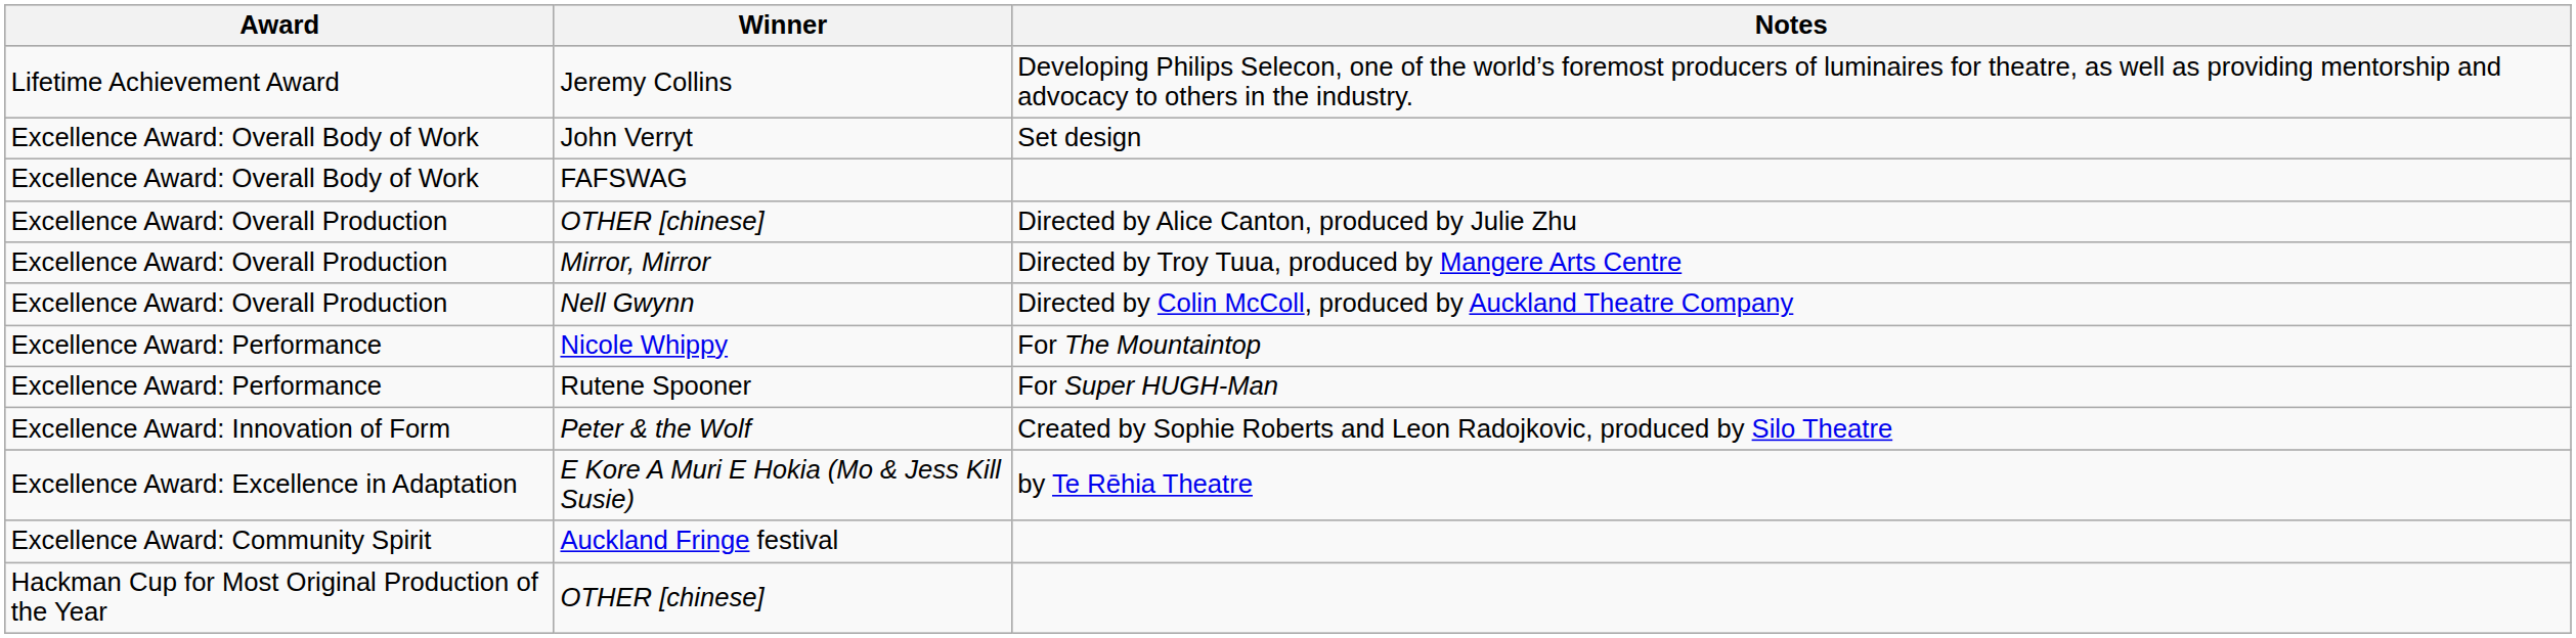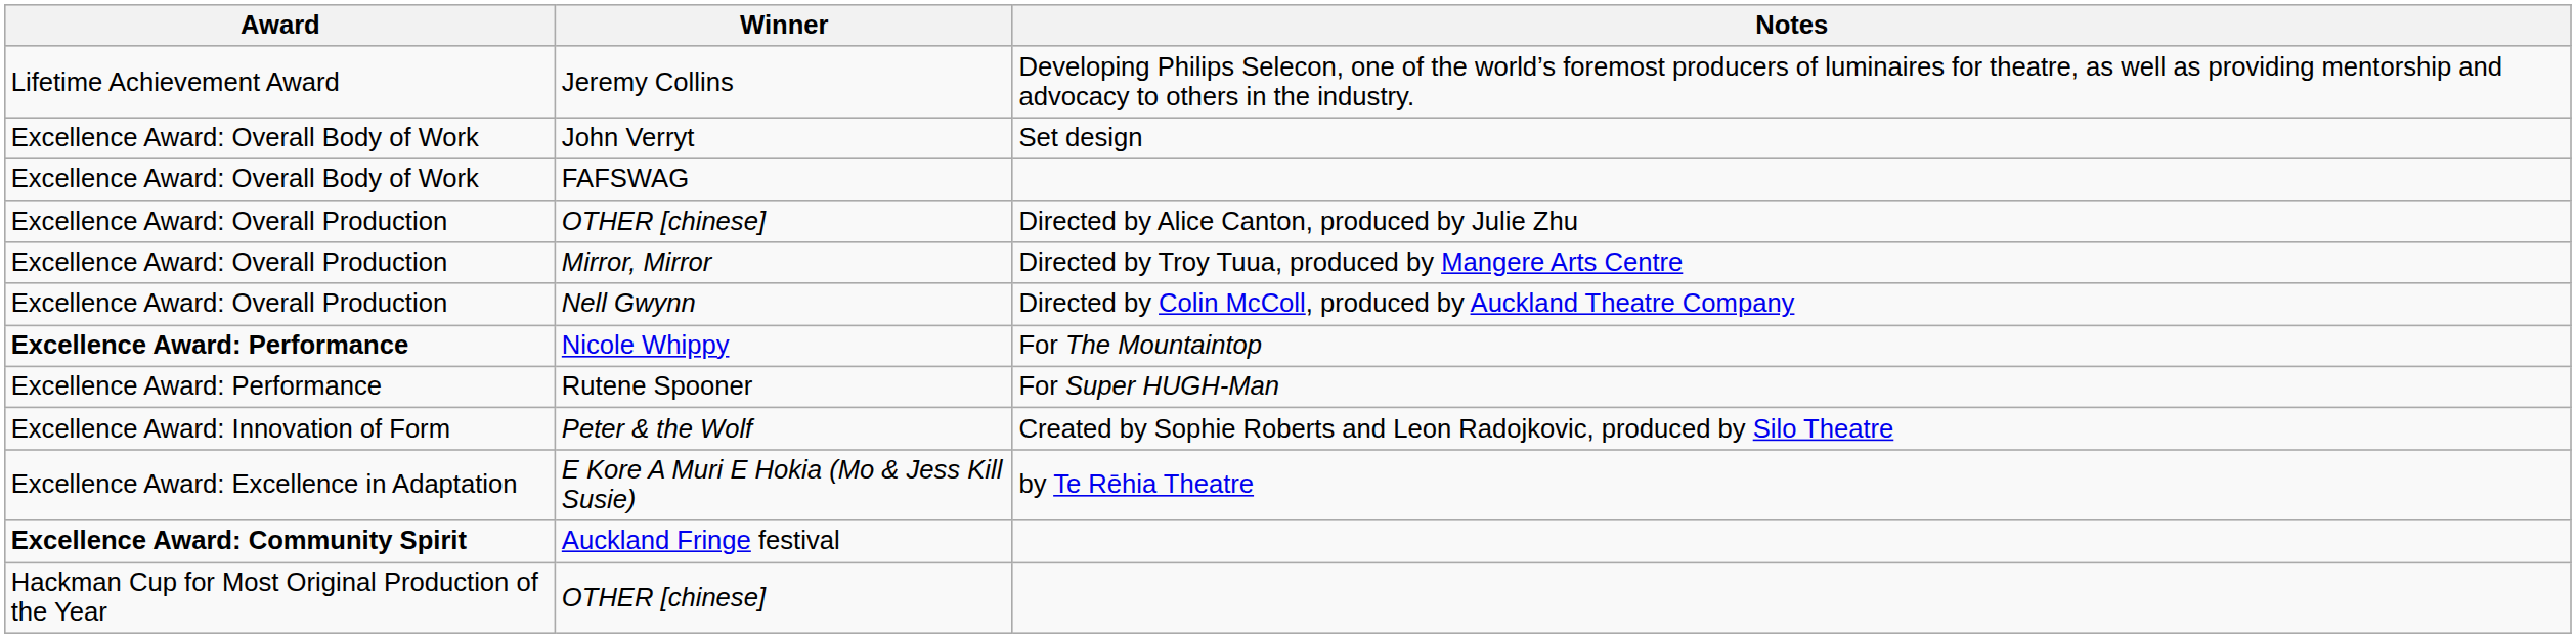 <table class="wikitable">
 <tr>
 <th>Award</th>
 <th>Winner</th>
 <th>Notes</th>
 </tr>
 <tr>
 <td>Lifetime Achievement Award</td>
 <td>Jeremy Collins</td>
 <td>Developing Philips Selecon, one of the world’s foremost producers of luminaires for theatre, as well as providing mentorship and advocacy to others in the industry.</td>
 </tr>
 <tr>
 <td>Excellence Award: Overall Body of Work</td>
 <td>John Verryt</td>
 <td>Set design</td>
 </tr>
 <tr>
 <td>Excellence Award: Overall Body of Work</td>
 <td>FAFSWAG</td>
 <td></td>
 </tr>
 <tr>
 <td>Excellence Award: Overall Production</td>
 <td><em>OTHER [chinese]</em></td>
 <td>Directed by Alice Canton, produced by Julie Zhu</td>
 </tr>
 <tr>
 <td>Excellence Award: Overall Production</td>
 <td><em>Mirror, Mirror</em></td>
 <td>Directed by Troy Tuua, produced by <a href='#'>Mangere Arts Centre</a></td>
 </tr>
 <tr>
 <td>Excellence Award: Overall Production</td>
 <td><em>Nell Gwynn</em></td>
 <td>Directed by <a href='#'>Colin McColl</a>, produced by <a href='#'>Auckland Theatre Company</a></td>
 </tr>
 <tr>
-<td>Excellence Award: Performance</td>
+<td><strong>Excellence Award: Performance</strong></td>
 <td><a href='#'>Nicole Whippy</a></td>
 <td>For <em>The Mountaintop</em></td>
 </tr>
 <tr>
 <td>Excellence Award: Performance</td>
 <td>Rutene Spooner</td>
 <td>For <em>Super HUGH-Man</em></td>
 </tr>
 <tr>
 <td>Excellence Award: Innovation of Form</td>
 <td><em>Peter & the Wolf</em></td>
 <td>Created by Sophie Roberts and Leon Radojkovic, produced by <a href='#'>Silo Theatre</a></td>
 </tr>
 <tr>
 <td>Excellence Award: Excellence in Adaptation</td>
 <td><em>E Kore A Muri E Hokia (Mo & Jess Kill Susie)</em></td>
 <td>by <a href='#'>Te Rēhia Theatre</a></td>
 </tr>
 <tr>
-<td>Excellence Award: Community Spirit</td>
+<td><strong>Excellence Award: Community Spirit</strong></td>
 <td><a href='#'>Auckland Fringe</a> festival</td>
 <td></td>
 </tr>
 <tr>
 <td>Hackman Cup for Most Original Production of the Year</td>
 <td><em>OTHER [chinese]</em></td>
 <td></td>
 </tr>
 </table>
